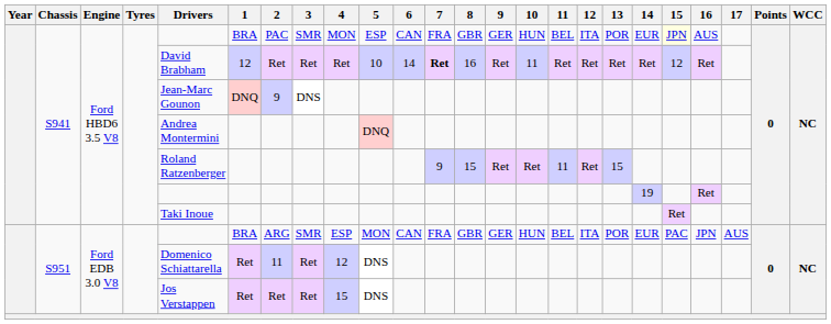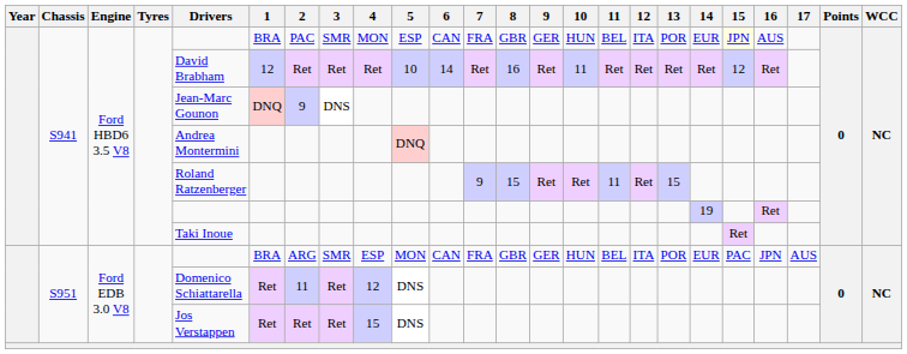 <table class="wikitable" style="text-align:center; font-size:85%">
 <tr>
 <th>Year</th>
 <th>Chassis</th>
 <th>Engine</th>
 <th>Tyres</th>
 <th>Drivers</th>
 <th>1</th>
 <th>2</th>
 <th>3</th>
 <th>4</th>
 <th>5</th>
 <th>6</th>
 <th>7</th>
 <th>8</th>
 <th>9</th>
 <th>10</th>
 <th>11</th>
 <th>12</th>
 <th>13</th>
 <th>14</th>
 <th>15</th>
 <th>16</th>
 <th>17</th>
 <th>Points</th>
 <th>WCC</th>
 </tr>
 <tr>
 <th rowspan="7"></th>
 <td rowspan="7"><a href='#'>S941</a></td>
 <td rowspan="7"><a href='#'>Ford</a> HBD6 3.5 <a href='#'>V8</a></td>
 <td rowspan="7"></td>
 <td></td>
 <td><a href='#'>BRA</a></td>
 <td><a href='#'>PAC</a></td>
 <td><a href='#'>SMR</a></td>
 <td><a href='#'>MON</a></td>
 <td><a href='#'>ESP</a></td>
 <td><a href='#'>CAN</a></td>
 <td><a href='#'>FRA</a></td>
 <td><a href='#'>GBR</a></td>
 <td><a href='#'>GER</a></td>
 <td><a href='#'>HUN</a></td>
 <td><a href='#'>BEL</a></td>
 <td><a href='#'>ITA</a></td>
 <td><a href='#'>POR</a></td>
 <td><a href='#'>EUR</a></td>
 <td style="background: lightyellow;"><a href='#'>JPN</a></td>
 <td><a href='#'>AUS</a></td>
 <td></td>
 <th rowspan="7">0</th>
 <th rowspan="7">NC</th>
 </tr>
 <tr>
 <td align="left"> <a href='#'>David Brabham</a></td>
 <td style="background:#CFCFFF;">12</td>
 <td style="background:#EFCFFF;">Ret</td>
 <td style="background:#EFCFFF;">Ret</td>
 <td style="background:#EFCFFF;">Ret</td>
 <td style="background:#CFCFFF;">10</td>
 <td style="background:#CFCFFF;">14</td>
-<td style="background:#EFCFFF;"><strong>Ret</strong></td>
+<td style="background:#EFCFFF;">Ret</td>
 <td style="background:#CFCFFF;">16</td>
 <td style="background:#EFCFFF;">Ret</td>
 <td style="background:#CFCFFF;">11</td>
 <td style="background:#EFCFFF;">Ret</td>
 <td style="background:#EFCFFF;">Ret</td>
 <td style="background:#EFCFFF;">Ret</td>
 <td style="background:#EFCFFF;">Ret</td>
 <td style="background:#CFCFFF;">12</td>
 <td style="background:#EFCFFF;">Ret</td>
 <td></td>
 </tr>
 <tr>
 <td align="left"> <a href='#'>Jean-Marc Gounon</a></td>
 <td style="background:#FFCFCF;">DNQ</td>
 <td style="background:#CFCFFF;">9</td>
 <td style="background:#ffffff;">DNS</td>
 <td></td>
 <td></td>
 <td></td>
 <td></td>
 <td></td>
 <td></td>
 <td></td>
 <td></td>
 <td></td>
 <td></td>
 <td></td>
 <td></td>
 <td></td>
 <td></td>
 </tr>
 <tr>
 <td align="left"> <a href='#'>Andrea Montermini</a></td>
 <td></td>
 <td></td>
 <td></td>
 <td></td>
 <td style="background:#FFCFCF;">DNQ</td>
 <td></td>
 <td></td>
 <td></td>
 <td></td>
 <td></td>
 <td></td>
 <td></td>
 <td></td>
 <td></td>
 <td></td>
 <td></td>
 <td></td>
 </tr>
 <tr>
 <td align="left"> <a href='#'>Roland Ratzenberger</a></td>
 <td></td>
 <td></td>
 <td></td>
 <td></td>
 <td></td>
 <td></td>
 <td style="background:#CFCFFF;">9</td>
 <td style="background:#CFCFFF;">15</td>
 <td style="background:#EFCFFF;">Ret</td>
 <td style="background:#EFCFFF;">Ret</td>
 <td style="background:#CFCFFF;">11</td>
 <td style="background:#EFCFFF;">Ret</td>
 <td style="background:#CFCFFF;">15</td>
 <td></td>
 <td></td>
 <td></td>
 <td></td>
 </tr>
 <tr>
 <td align="left"></td>
 <td></td>
 <td></td>
 <td></td>
 <td></td>
 <td></td>
 <td></td>
 <td></td>
 <td></td>
 <td></td>
 <td></td>
 <td></td>
 <td></td>
 <td></td>
 <td style="background:#CFCFFF;">19</td>
 <td></td>
 <td style="background:#EFCFFF;">Ret</td>
 <td></td>
 </tr>
 <tr>
 <td align="left"> <a href='#'>Taki Inoue</a></td>
 <td></td>
 <td></td>
 <td></td>
 <td></td>
 <td></td>
 <td></td>
 <td></td>
 <td></td>
 <td></td>
 <td></td>
 <td></td>
 <td></td>
 <td></td>
 <td></td>
 <td style="background:#EFCFFF;">Ret</td>
 <td></td>
 <td></td>
 </tr>
 <tr>
 <th rowspan="3"></th>
 <td rowspan="3"><a href='#'>S951</a></td>
 <td rowspan="3"><a href='#'>Ford</a> EDB 3.0 <a href='#'>V8</a></td>
 <td rowspan="3"></td>
 <td></td>
 <td><a href='#'>BRA</a></td>
 <td><a href='#'>ARG</a></td>
 <td><a href='#'>SMR</a></td>
 <td><a href='#'>ESP</a></td>
 <td><a href='#'>MON</a></td>
 <td><a href='#'>CAN</a></td>
 <td><a href='#'>FRA</a></td>
 <td><a href='#'>GBR</a></td>
 <td><a href='#'>GER</a></td>
 <td><a href='#'>HUN</a></td>
 <td><a href='#'>BEL</a></td>
 <td><a href='#'>ITA</a></td>
 <td><a href='#'>POR</a></td>
 <td><a href='#'>EUR</a></td>
 <td><a href='#'>PAC</a></td>
 <td><a href='#'>JPN</a></td>
 <td><a href='#'>AUS</a></td>
 <th rowspan="3">0</th>
 <th rowspan="3">NC</th>
 </tr>
 <tr>
 <td align="left"> <a href='#'>Domenico Schiattarella</a></td>
 <td style="background:#EFCFFF;">Ret</td>
 <td style="background:#CFCFFF;">11</td>
 <td style="background:#EFCFFF;">Ret</td>
 <td style="background:#CFCFFF;">12</td>
 <td style="background:#ffffff;">DNS</td>
 <td></td>
 <td></td>
 <td></td>
 <td></td>
 <td></td>
 <td></td>
 <td></td>
 <td></td>
 <td></td>
 <td></td>
 <td></td>
 <td></td>
 </tr>
 <tr>
 <td align="left"> <a href='#'>Jos Verstappen</a></td>
 <td style="background:#EFCFFF;">Ret</td>
 <td style="background:#EFCFFF;">Ret</td>
 <td style="background:#EFCFFF;">Ret</td>
 <td style="background:#CFCFFF;">15</td>
 <td style="background:#ffffff;">DNS</td>
 <td></td>
 <td></td>
 <td></td>
 <td></td>
 <td></td>
 <td></td>
 <td></td>
 <td></td>
 <td></td>
 <td></td>
 <td></td>
 <td></td>
 </tr>
 <tr>
 <th colspan="24"></th>
 </tr>
 </table>
